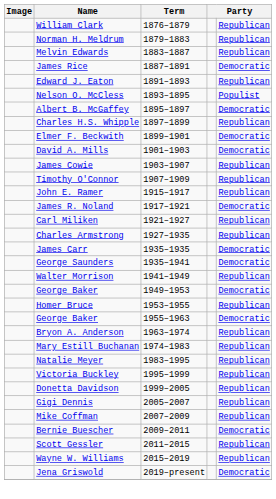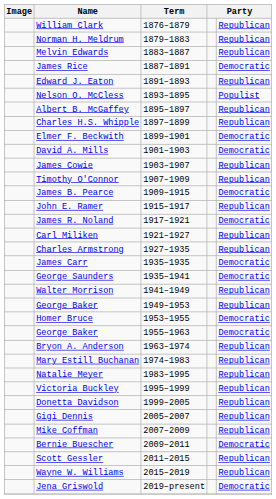 <table class="wikitable">
 <tr>
 <th>Image</th>
 <th>Name</th>
 <th>Term</th>
 <th colspan="2">Party</th>
 </tr>
 <tr>
 <td></td>
 <td><a href='#'>William Clark</a></td>
 <td>1876–1879</td>
 <td style="background: "> </td>
 <td><a href='#'>Republican</a></td>
 </tr>
 <tr>
 <td></td>
 <td><a href='#'>Norman H. Meldrum</a></td>
 <td>1879–1883</td>
 <td style="background: "> </td>
 <td><a href='#'>Republican</a></td>
 </tr>
 <tr>
 <td></td>
 <td><a href='#'>Melvin Edwards</a></td>
 <td>1883–1887</td>
 <td style="background: "> </td>
 <td><a href='#'>Republican</a></td>
 </tr>
 <tr>
 <td></td>
 <td><a href='#'>James Rice</a></td>
 <td>1887–1891</td>
 <td style="background: "> </td>
 <td><a href='#'>Democratic</a></td>
 </tr>
 <tr>
 <td></td>
 <td><a href='#'>Edward J. Eaton</a></td>
 <td>1891–1893</td>
 <td style="background: "> </td>
 <td><a href='#'>Republican</a></td>
 </tr>
 <tr>
 <td></td>
 <td><a href='#'>Nelson O. McCless</a></td>
 <td>1893–1895</td>
 <td style="background:"> </td>
 <td><a href='#'>Populist</a></td>
 </tr>
 <tr>
 <td></td>
 <td><a href='#'>Albert B. McGaffey</a></td>
 <td>1895–1897</td>
 <td style="background: "> </td>
-<td><a href='#'>Democratic</a></td>
+<td><a href='#'>Republican</a></td>
 </tr>
 <tr>
 <td></td>
 <td><a href='#'>Charles H.S. Whipple</a></td>
 <td>1897–1899</td>
 <td style="background: "> </td>
 <td><a href='#'>Republican</a></td>
 </tr>
 <tr>
 <td></td>
 <td><a href='#'>Elmer F. Beckwith</a></td>
 <td>1899–1901</td>
 <td style="background: "> </td>
 <td><a href='#'>Democratic</a></td>
 </tr>
 <tr>
 <td></td>
 <td><a href='#'>David A. Mills</a></td>
 <td>1901–1903</td>
 <td style="background: "> </td>
 <td><a href='#'>Democratic</a></td>
 </tr>
 <tr>
 <td></td>
 <td><a href='#'>James Cowie</a></td>
 <td>1903–1907</td>
 <td style="background: "> </td>
 <td><a href='#'>Republican</a></td>
 </tr>
 <tr>
 <td></td>
 <td><a href='#'>Timothy O'Connor</a></td>
 <td>1907–1909</td>
 <td style="background: "> </td>
 <td><a href='#'>Republican</a></td>
+</tr>
+<tr>
+<td></td>
+<td><a href='#'>James B. Pearce</a></td>
+<td>1909–1915</td>
+<td style="background: "> </td>
+<td><a href='#'>Democratic</a></td>
 </tr>
 <tr>
 <td></td>
 <td><a href='#'>John E. Ramer</a></td>
 <td>1915–1917</td>
 <td style="background: "> </td>
 <td><a href='#'>Republican</a></td>
 </tr>
 <tr>
 <td></td>
 <td><a href='#'>James R. Noland</a></td>
 <td>1917–1921</td>
 <td style="background: "> </td>
 <td><a href='#'>Democratic</a></td>
 </tr>
 <tr>
 <td></td>
 <td><a href='#'>Carl Miliken</a></td>
 <td>1921–1927</td>
 <td style="background: "> </td>
 <td><a href='#'>Republican</a></td>
 </tr>
 <tr>
 <td></td>
 <td><a href='#'>Charles Armstrong</a></td>
 <td>1927–1935</td>
 <td style="background: "> </td>
 <td><a href='#'>Republican</a></td>
 </tr>
 <tr>
 <td></td>
 <td><a href='#'>James Carr</a></td>
 <td>1935–1935</td>
 <td style="background: "> </td>
 <td><a href='#'>Democratic</a></td>
 </tr>
 <tr>
 <td></td>
 <td><a href='#'>George Saunders</a></td>
 <td>1935–1941</td>
 <td style="background: "> </td>
 <td><a href='#'>Democratic</a></td>
 </tr>
 <tr>
 <td></td>
 <td><a href='#'>Walter Morrison</a></td>
 <td>1941–1949</td>
 <td style="background: "> </td>
 <td><a href='#'>Republican</a></td>
 </tr>
 <tr>
 <td></td>
 <td><a href='#'>George Baker</a></td>
 <td>1949–1953</td>
 <td style="background: "> </td>
-<td><a href='#'>Democratic</a></td>
+<td><a href='#'>Republican</a></td>
 </tr>
 <tr>
 <td></td>
 <td><a href='#'>Homer Bruce</a></td>
 <td>1953–1955</td>
 <td style="background: "> </td>
-<td><a href='#'>Republican</a></td>
+<td><a href='#'>Democratic</a></td>
 </tr>
 <tr>
 <td></td>
 <td><a href='#'>George Baker</a></td>
 <td>1955–1963</td>
 <td style="background: "> </td>
 <td><a href='#'>Democratic</a></td>
 </tr>
 <tr>
 <td></td>
 <td><a href='#'>Bryon A. Anderson</a></td>
 <td>1963–1974</td>
 <td style="background: "> </td>
 <td><a href='#'>Republican</a></td>
 </tr>
 <tr>
 <td></td>
 <td><a href='#'>Mary Estill Buchanan</a></td>
 <td>1974–1983</td>
 <td style="background: "> </td>
 <td><a href='#'>Republican</a></td>
 </tr>
 <tr>
 <td></td>
 <td><a href='#'>Natalie Meyer</a></td>
 <td>1983–1995</td>
 <td style="background: "> </td>
 <td><a href='#'>Republican</a></td>
 </tr>
 <tr>
 <td></td>
 <td><a href='#'>Victoria Buckley</a></td>
 <td>1995–1999</td>
 <td style="background: "> </td>
 <td><a href='#'>Republican</a></td>
 </tr>
 <tr>
 <td></td>
 <td><a href='#'>Donetta Davidson</a></td>
 <td>1999–2005</td>
 <td style="background: "> </td>
 <td><a href='#'>Republican</a></td>
 </tr>
 <tr>
 <td></td>
 <td><a href='#'>Gigi Dennis</a></td>
 <td>2005–2007</td>
 <td style="background: "> </td>
 <td><a href='#'>Republican</a></td>
 </tr>
 <tr>
 <td></td>
 <td><a href='#'>Mike Coffman</a></td>
 <td>2007–2009</td>
 <td style="background: "> </td>
 <td><a href='#'>Republican</a></td>
 </tr>
 <tr>
 <td></td>
 <td><a href='#'>Bernie Buescher</a></td>
 <td>2009–2011</td>
 <td style="background: "> </td>
 <td><a href='#'>Democratic</a></td>
 </tr>
 <tr>
 <td></td>
 <td><a href='#'>Scott Gessler</a></td>
 <td>2011–2015</td>
 <td style="background: "> </td>
 <td><a href='#'>Republican</a></td>
 </tr>
 <tr>
 <td></td>
 <td><a href='#'>Wayne W. Williams</a></td>
 <td>2015–2019</td>
 <td style="background: "> </td>
 <td><a href='#'>Republican</a></td>
 </tr>
 <tr>
 <td></td>
 <td><a href='#'>Jena Griswold</a></td>
 <td>2019–present</td>
 <td style="background: "> </td>
 <td><a href='#'>Democratic</a></td>
 </tr>
 <tr>
 </tr>
 </table>
